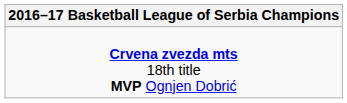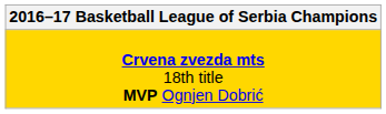 <table class=wikitable style="text-align:center; margin:auto">
 <tr>
 <th>2016–17 Basketball League of Serbia Champions</th>
 </tr>
 <tr>
-<td><br><strong><a href='#'>Crvena zvezda mts</a></strong><br>18th title<br><strong>MVP</strong>  <a href='#'>Ognjen Dobrić</a></td>
+<td style="background: gold;"><br><strong><a href='#'>Crvena zvezda mts</a></strong><br>18th title<br><strong>MVP</strong>  <a href='#'>Ognjen Dobrić</a></td>
 </tr>
 </table>
